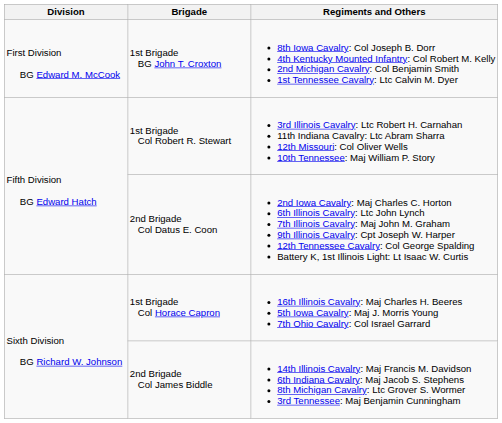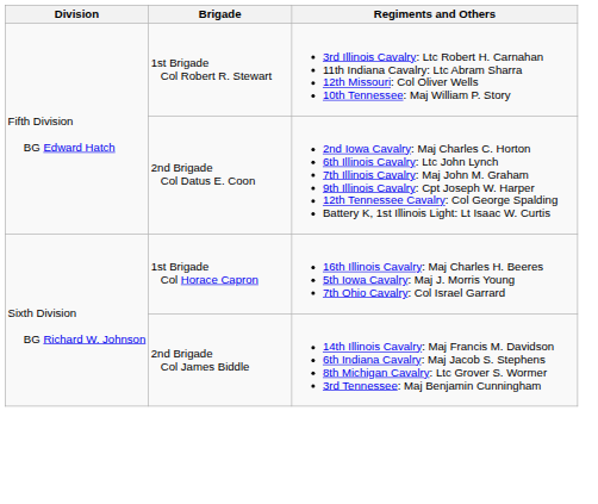 <table class="wikitable">
 <tr>
 <th width=25%>Division</th>
 <th width=25%>Brigade</th>
 <th>Regiments and Others</th>
-</tr>
-<tr>
-<td rowspan=1><br>First Division<br><br>     BG <a href='#'>Edward M. McCook</a></td>
-<td>1st Brigade<br>   BG <a href='#'>John T. Croxton</a></td>
-<td><br><ul><li><a href='#'>8th Iowa Cavalry</a>: Col Joseph B. Dorr</li><li><a href='#'>4th Kentucky Mounted Infantry</a>: Col Robert M. Kelly</li><li><a href='#'>2nd Michigan Cavalry</a>: Col Benjamin Smith</li><li><a href='#'>1st Tennessee Cavalry</a>: Ltc Calvin M. Dyer</li></ul></td>
 </tr>
 <tr>
 <td rowspan=2><br>Fifth Division<br><br>     BG <a href='#'>Edward Hatch</a></td>
 <td>1st Brigade<br>   Col Robert R. Stewart</td>
 <td><br><ul><li><a href='#'>3rd Illinois Cavalry</a>: Ltc Robert H. Carnahan</li><li>11th Indiana Cavalry: Ltc Abram Sharra</li><li><a href='#'>12th Missouri</a>: Col Oliver Wells</li><li><a href='#'>10th Tennessee</a>: Maj William P. Story</li></ul></td>
 </tr>
 <tr>
 <td>2nd Brigade<br>   Col Datus E. Coon</td>
 <td><br><ul><li><a href='#'>2nd Iowa Cavalry</a>: Maj Charles C. Horton</li><li><a href='#'>6th Illinois Cavalry</a>: Ltc John Lynch</li><li><a href='#'>7th Illinois Cavalry</a>: Maj John M. Graham</li><li><a href='#'>9th Illinois Cavalry</a>: Cpt Joseph W. Harper</li><li><a href='#'>12th Tennessee Cavalry</a>: Col George Spalding</li><li>Battery K, 1st Illinois Light: Lt Isaac W. Curtis</li></ul></td>
 </tr>
 <tr>
 <td rowspan=2><br>Sixth Division<br><br>     BG <a href='#'>Richard W. Johnson</a></td>
 <td>1st Brigade<br>   Col <a href='#'>Horace Capron</a></td>
 <td><br><ul><li><a href='#'>16th Illinois Cavalry</a>: Maj Charles H. Beeres</li><li><a href='#'>5th Iowa Cavalry</a>: Maj J. Morris Young</li><li><a href='#'>7th Ohio Cavalry</a>: Col Israel Garrard</li></ul></td>
 </tr>
 <tr>
 <td>2nd Brigade<br>   Col James Biddle</td>
 <td><br><ul><li><a href='#'>14th Illinois Cavalry</a>: Maj Francis M. Davidson</li><li><a href='#'>6th Indiana Cavalry</a>: Maj Jacob S. Stephens</li><li><a href='#'>8th Michigan Cavalry</a>: Ltc Grover S. Wormer</li><li><a href='#'>3rd Tennessee</a>: Maj Benjamin Cunningham</li></ul></td>
 </tr>
 </table>
